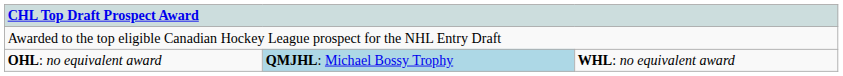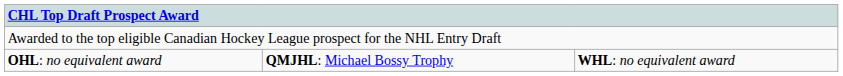 <table class="wikitable" width="75%">
 <tr style="font-weight:bold; background-color:#ccdddd;" |>
 <td colspan="3"><a href='#'>CHL Top Draft Prospect Award</a></td>
 </tr>
 <tr>
 <td colspan="3">Awarded to the  top eligible Canadian Hockey League prospect for the NHL Entry Draft</td>
 </tr>
 <tr>
 <td><strong>OHL</strong>: <em>no equivalent award</em></td>
-<td style="background: lightblue;"><strong>QMJHL</strong>: <a href='#'>Michael Bossy Trophy</a></td>
+<td><strong>QMJHL</strong>: <a href='#'>Michael Bossy Trophy</a></td>
 <td><strong>WHL</strong>: <em>no equivalent award</em></td>
 </tr>
 </table>
